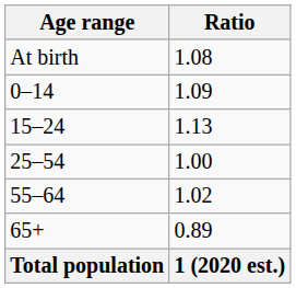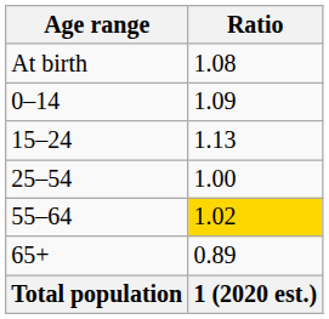 <table class="wikitable">
 <tr>
 <th>Age range</th>
 <th>Ratio</th>
 </tr>
 <tr>
 <td>At birth</td>
 <td>1.08</td>
 </tr>
 <tr>
 <td>0–14</td>
 <td>1.09</td>
 </tr>
 <tr>
 <td>15–24</td>
 <td>1.13</td>
 </tr>
 <tr>
 <td>25–54</td>
 <td>1.00</td>
 </tr>
 <tr>
 <td>55–64</td>
-<td>1.02</td>
+<td style="background: gold;">1.02</td>
 </tr>
 <tr>
 <td>65+</td>
 <td>0.89</td>
 </tr>
 <tr>
 <th>Total population</th>
 <th>1 (2020 est.)</th>
 </tr>
 </table>
